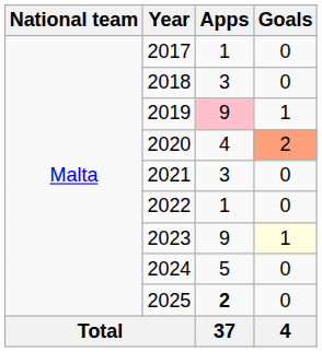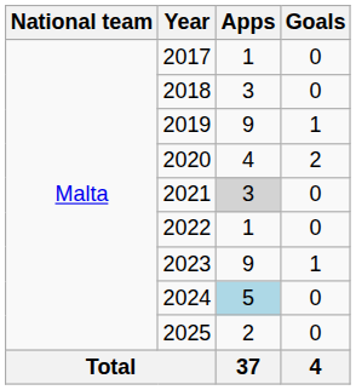 <table class="wikitable" style="text-align:center">
 <tr>
 <th>National team</th>
 <th>Year</th>
 <th>Apps</th>
 <th>Goals</th>
 </tr>
 <tr>
 <td rowspan="9"><a href='#'>Malta</a></td>
 <td>2017</td>
 <td>1</td>
 <td>0</td>
 </tr>
 <tr>
 <td>2018</td>
 <td>3</td>
 <td>0</td>
 </tr>
 <tr>
 <td>2019</td>
-<td style="background: pink;">9</td>
+<td>9</td>
 <td>1</td>
 </tr>
 <tr>
 <td>2020</td>
 <td>4</td>
-<td style="background: lightsalmon;">2</td>
+<td>2</td>
 </tr>
 <tr>
 <td>2021</td>
-<td>3</td>
+<td style="background: lightgrey;">3</td>
 <td>0</td>
 </tr>
 <tr>
 <td>2022</td>
 <td>1</td>
 <td>0</td>
 </tr>
 <tr>
 <td>2023</td>
 <td>9</td>
-<td style="background: lightyellow;">1</td>
+<td>1</td>
 </tr>
 <tr>
 <td>2024</td>
-<td>5</td>
+<td style="background: lightblue;">5</td>
 <td>0</td>
 </tr>
 <tr>
 <td>2025</td>
-<td><strong>2</strong></td>
+<td>2</td>
 <td>0</td>
 </tr>
 <tr>
 <th colspan="2">Total</th>
 <th>37</th>
 <th>4</th>
 </tr>
 </table>
